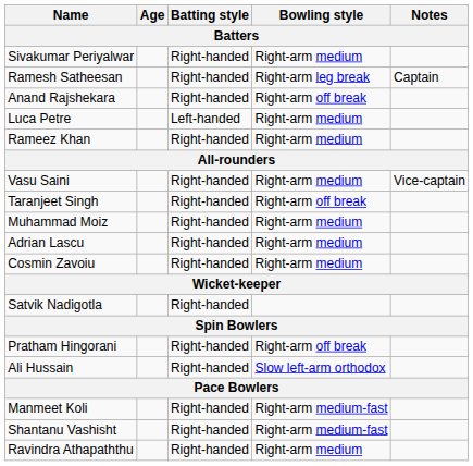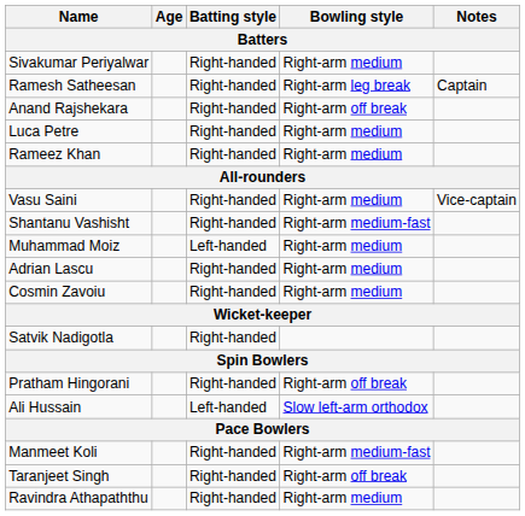 <table class="wikitable">
 <tr>
 <th style="text-align:center;">Name</th>
 <th style="text-align:center;">Age</th>
 <th style="text-align:center;">Batting style</th>
 <th style="text-align:center;">Bowling style</th>
 <th style="text-align:center;">Notes</th>
 </tr>
 <tr>
 <th colspan="5">Batters</th>
 </tr>
 <tr>
 <td>Sivakumar Periyalwar</td>
 <td></td>
 <td>Right-handed</td>
 <td>Right-arm <a href='#'>medium</a></td>
 <td></td>
 </tr>
 <tr>
 <td>Ramesh Satheesan</td>
 <td></td>
 <td>Right-handed</td>
 <td>Right-arm <a href='#'>leg break</a></td>
 <td>Captain</td>
 </tr>
 <tr>
 <td>Anand Rajshekara</td>
 <td></td>
 <td>Right-handed</td>
 <td>Right-arm <a href='#'>off break</a></td>
 <td></td>
 </tr>
 <tr>
 <td>Luca Petre</td>
 <td></td>
-<td>Left-handed</td>
+<td>Right-handed</td>
 <td>Right-arm <a href='#'>medium</a></td>
 <td></td>
 </tr>
 <tr>
 <td>Rameez Khan</td>
 <td></td>
 <td>Right-handed</td>
 <td>Right-arm <a href='#'>medium</a></td>
 <td></td>
 </tr>
 <tr>
 <th colspan="5">All-rounders</th>
 </tr>
 <tr>
 <td>Vasu Saini</td>
 <td></td>
 <td>Right-handed</td>
 <td>Right-arm <a href='#'>medium</a></td>
 <td>Vice-captain</td>
 </tr>
 <tr>
-<td>Taranjeet Singh</td>
+<td>Shantanu Vashisht</td>
 <td></td>
 <td>Right-handed</td>
-<td>Right-arm <a href='#'>off break</a></td>
+<td>Right-arm <a href='#'>medium-fast</a></td>
 <td></td>
 </tr>
 <tr>
 <td>Muhammad Moiz</td>
 <td></td>
-<td>Right-handed</td>
+<td>Left-handed</td>
 <td>Right-arm <a href='#'>medium</a></td>
 <td></td>
 </tr>
 <tr>
 <td>Adrian Lascu</td>
 <td></td>
 <td>Right-handed</td>
 <td>Right-arm <a href='#'>medium</a></td>
 <td></td>
 </tr>
 <tr>
 <td>Cosmin Zavoiu</td>
 <td></td>
 <td>Right-handed</td>
 <td>Right-arm <a href='#'>medium</a></td>
 <td></td>
 </tr>
 <tr>
 <th colspan="5">Wicket-keeper</th>
 </tr>
 <tr>
 <td>Satvik Nadigotla</td>
 <td></td>
 <td>Right-handed</td>
 <td></td>
 <td></td>
 </tr>
 <tr>
 <th colspan="5">Spin Bowlers</th>
 </tr>
 <tr>
 <td>Pratham Hingorani</td>
 <td></td>
 <td>Right-handed</td>
 <td>Right-arm <a href='#'>off break</a></td>
 <td></td>
 </tr>
 <tr>
 <td>Ali Hussain</td>
 <td></td>
-<td>Right-handed</td>
+<td>Left-handed</td>
 <td><a href='#'>Slow left-arm orthodox</a></td>
 <td></td>
 </tr>
 <tr>
 <th colspan="5">Pace Bowlers</th>
 </tr>
 <tr>
 <td>Manmeet Koli</td>
 <td></td>
 <td>Right-handed</td>
 <td>Right-arm <a href='#'>medium-fast</a></td>
 <td></td>
 </tr>
 <tr>
-<td>Shantanu Vashisht</td>
+<td>Taranjeet Singh</td>
 <td></td>
 <td>Right-handed</td>
-<td>Right-arm <a href='#'>medium-fast</a></td>
+<td>Right-arm <a href='#'>off break</a></td>
 <td></td>
 </tr>
 <tr>
 <td>Ravindra Athapaththu</td>
 <td></td>
 <td>Right-handed</td>
 <td>Right-arm <a href='#'>medium</a></td>
 <td></td>
 </tr>
 </table>
